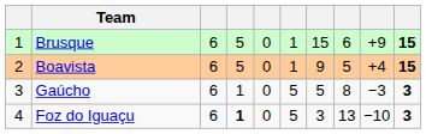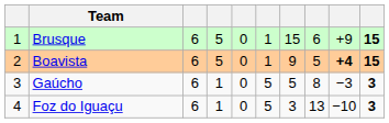 <table class="wikitable" style="text-align: center;">
 <tr>
 <th width=20></th>
 <th width=165>Team</th>
 <th width=20></th>
 <th width=20></th>
 <th width=20></th>
 <th width=20></th>
 <th width=20></th>
 <th width=20></th>
 <th width=20></th>
 <th width=20></th>
 </tr>
 <tr bgcolor=#ccffcc>
 <td>1</td>
 <td align=left> <a href='#'>Brusque</a></td>
 <td>6</td>
 <td>5</td>
 <td>0</td>
 <td>1</td>
 <td>15</td>
 <td>6</td>
 <td>+9</td>
 <td><strong>15</strong></td>
 </tr>
 <tr bgcolor=#ffcc99>
 <td>2</td>
 <td align=left> <a href='#'>Boavista</a></td>
 <td>6</td>
 <td>5</td>
 <td>0</td>
 <td>1</td>
 <td>9</td>
 <td>5</td>
-<td>+4</td>
+<td><strong>+4</strong></td>
 <td><strong>15</strong></td>
 </tr>
 <tr>
 <td>3</td>
 <td align=left> <a href='#'>Gaúcho</a></td>
 <td>6</td>
 <td>1</td>
 <td>0</td>
 <td>5</td>
 <td>5</td>
 <td>8</td>
 <td>−3</td>
 <td><strong>3</strong></td>
 </tr>
 <tr>
 <td>4</td>
 <td align=left> <a href='#'>Foz do Iguaçu</a></td>
 <td>6</td>
-<td><strong>1</strong></td>
+<td>1</td>
 <td>0</td>
 <td>5</td>
 <td>3</td>
 <td>13</td>
 <td>−10</td>
 <td><strong>3</strong></td>
 </tr>
 </table>
